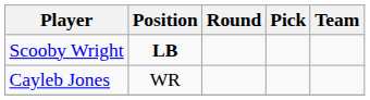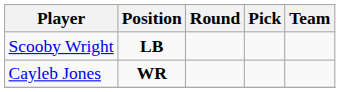 <table class="wikitable sortable">
 <tr>
 <th>Player</th>
 <th>Position</th>
 <th>Round</th>
 <th>Pick</th>
 <th>Team</th>
 </tr>
 <tr>
 <td><a href='#'>Scooby Wright</a></td>
 <td align=center><strong>LB</strong></td>
 <td align=center></td>
 <td align=center></td>
 <td></td>
 </tr>
 <tr>
 <td><a href='#'>Cayleb Jones</a></td>
-<td align=center>WR</td>
+<td align=center><strong>WR</strong></td>
 <td align=center></td>
 <td align=center></td>
 <td></td>
 </tr>
 <tr>
 </tr>
 </table>
